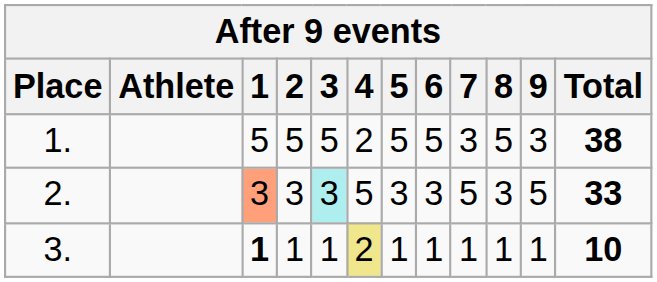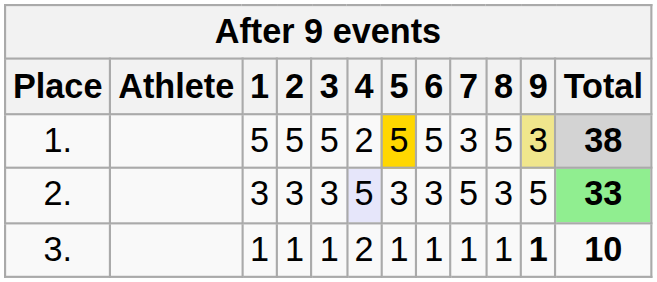 <table class=wikitable style="text-align:center">
 <tr>
 <th colspan=12><strong>After 9 events</strong></th>
 </tr>
 <tr>
 <th>Place</th>
 <th>Athlete</th>
 <th>1</th>
 <th>2</th>
 <th>3</th>
 <th>4</th>
 <th>5</th>
 <th>6</th>
 <th>7</th>
 <th>8</th>
 <th>9</th>
 <th>Total</th>
 </tr>
 <tr>
 <td width=30>1.</td>
 <td align=left></td>
 <td>5</td>
 <td>5</td>
 <td>5</td>
 <td>2</td>
-<td>5</td>
+<td style="background: gold;">5</td>
 <td>5</td>
 <td>3</td>
 <td>5</td>
-<td>3</td>
-<td><strong>38</strong></td>
+<td style="background: khaki;">3</td>
+<td style="background: lightgrey;"><strong>38</strong></td>
 </tr>
 <tr>
 <td>2.</td>
 <td align=left></td>
-<td style="background: lightsalmon;">3</td>
 <td>3</td>
-<td style="background: paleturquoise;">3</td>
-<td>5</td>
+<td>3</td>
+<td>3</td>
+<td style="background: lavender;">5</td>
 <td>3</td>
 <td>3</td>
 <td>5</td>
 <td>3</td>
 <td>5</td>
-<td><strong>33</strong></td>
+<td style="background: lightgreen;"><strong>33</strong></td>
 </tr>
 <tr>
 <td>3.</td>
 <td align=left></td>
-<td><strong>1</strong></td>
 <td>1</td>
 <td>1</td>
-<td style="background: khaki;">2</td>
+<td>1</td>
+<td>2</td>
 <td>1</td>
 <td>1</td>
 <td>1</td>
 <td>1</td>
-<td>1</td>
+<td><strong>1</strong></td>
 <td><strong>10</strong></td>
 </tr>
 </table>
